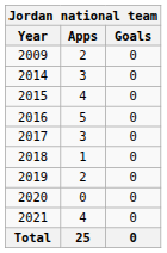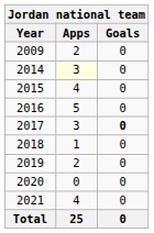 <table class="wikitable" style="text-align:center">
 <tr>
 <th colspan=3>Jordan national team</th>
 </tr>
 <tr>
 <th>Year</th>
 <th>Apps</th>
 <th>Goals</th>
 </tr>
 <tr>
 <td>2009</td>
 <td>2</td>
 <td>0</td>
 </tr>
 <tr>
 <td>2014</td>
-<td>3</td>
+<td style="background: lightyellow;">3</td>
 <td>0</td>
 </tr>
 <tr>
 <td>2015</td>
 <td>4</td>
 <td>0</td>
 </tr>
 <tr>
 <td>2016</td>
 <td>5</td>
 <td>0</td>
 </tr>
 <tr>
 <td>2017</td>
 <td>3</td>
-<td>0</td>
+<td><strong>0</strong></td>
 </tr>
 <tr>
 <td>2018</td>
 <td>1</td>
 <td>0</td>
 </tr>
 <tr>
 <td>2019</td>
 <td>2</td>
 <td>0</td>
 </tr>
 <tr>
 <td>2020</td>
 <td>0</td>
 <td>0</td>
 </tr>
 <tr>
 <td>2021</td>
 <td>4</td>
 <td>0</td>
 </tr>
 <tr>
 <th>Total</th>
 <th>25</th>
 <th>0</th>
 </tr>
 </table>
